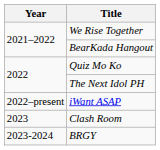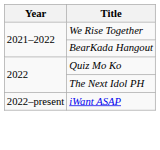 <table class="wikitable" style="font-size:90%">
 <tr>
 <th>Year</th>
 <th>Title</th>
 </tr>
 <tr>
 <td rowspan="2">2021–2022</td>
 <td><em>We Rise Together</em></td>
 </tr>
 <tr>
 <td><em>BearKada Hangout</em></td>
 </tr>
 <tr>
 <td rowspan="2">2022</td>
 <td><em>Quiz Mo Ko</em></td>
 </tr>
 <tr>
 <td><em>The Next Idol PH</em></td>
 </tr>
 <tr>
 <td>2022–present</td>
 <td><em><a href='#'>iWant ASAP</a></em></td>
 </tr>
-<tr>
-<td>2023</td>
-<td><em>Clash Room</em></td>
-</tr>
-<tr>
-<td>2023-2024</td>
-<td><em>BRGY</em></td>
-</tr>
 </table>
